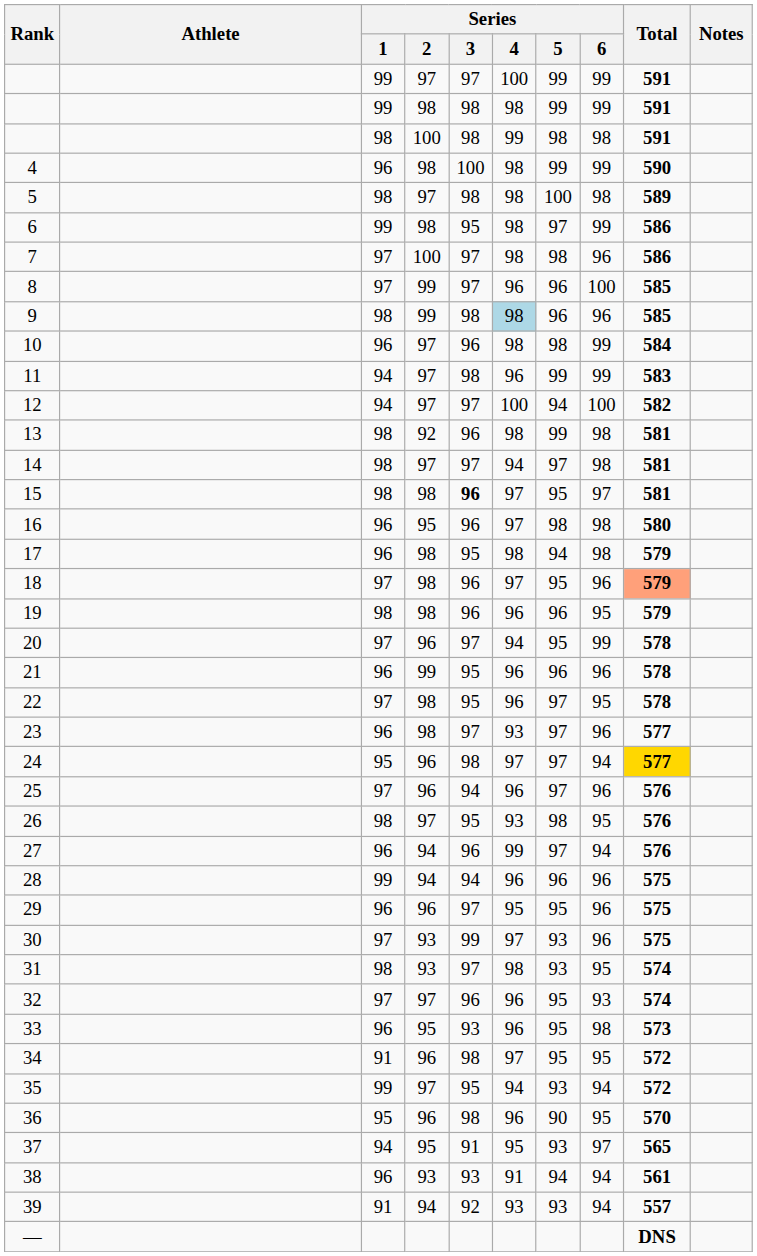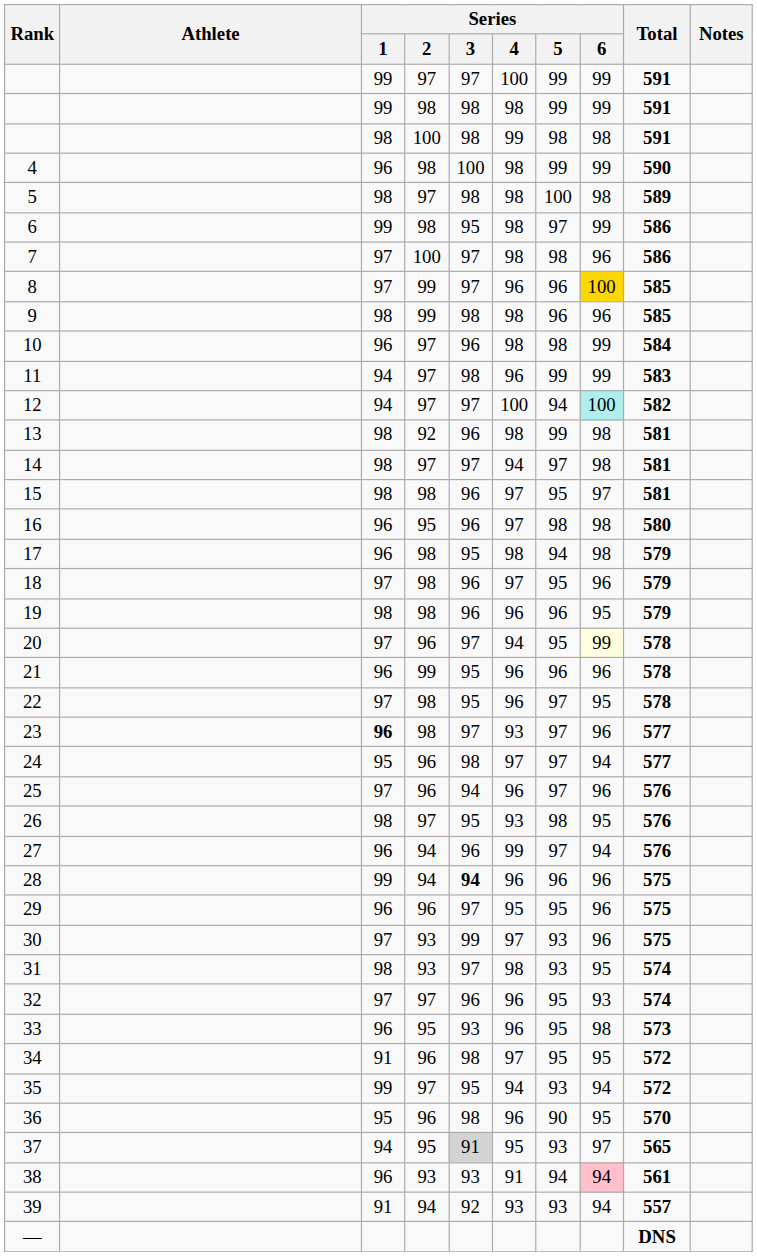 <table class="wikitable" style="text-align:center">
 <tr>
 <th rowspan=2 width=40>Rank</th>
 <th rowspan=2 width=250>Athlete</th>
 <th colspan=6>Series</th>
 <th rowspan=2 width=50>Total</th>
 <th rowspan=2 width=45>Notes</th>
 </tr>
 <tr>
 <th width=30>1</th>
 <th width=30>2</th>
 <th width=30>3</th>
 <th width=30>4</th>
 <th width=30>5</th>
 <th width=30>6</th>
 </tr>
 <tr>
 <td></td>
 <td align=left></td>
 <td>99</td>
 <td>97</td>
 <td>97</td>
 <td>100</td>
 <td>99</td>
 <td>99</td>
 <td><strong>591</strong></td>
 <td></td>
 </tr>
 <tr>
 <td></td>
 <td align=left></td>
 <td>99</td>
 <td>98</td>
 <td>98</td>
 <td>98</td>
 <td>99</td>
 <td>99</td>
 <td><strong>591</strong></td>
 <td></td>
 </tr>
 <tr>
 <td></td>
 <td align=left></td>
 <td>98</td>
 <td>100</td>
 <td>98</td>
 <td>99</td>
 <td>98</td>
 <td>98</td>
 <td><strong>591</strong></td>
 <td></td>
 </tr>
 <tr>
 <td>4</td>
 <td align=left></td>
 <td>96</td>
 <td>98</td>
 <td>100</td>
 <td>98</td>
 <td>99</td>
 <td>99</td>
 <td><strong>590</strong></td>
 <td></td>
 </tr>
 <tr>
 <td>5</td>
 <td align=left></td>
 <td>98</td>
 <td>97</td>
 <td>98</td>
 <td>98</td>
 <td>100</td>
 <td>98</td>
 <td><strong>589</strong></td>
 <td></td>
 </tr>
 <tr>
 <td>6</td>
 <td align=left></td>
 <td>99</td>
 <td>98</td>
 <td>95</td>
 <td>98</td>
 <td>97</td>
 <td>99</td>
 <td><strong>586</strong></td>
 <td></td>
 </tr>
 <tr>
 <td>7</td>
 <td align=left></td>
 <td>97</td>
 <td>100</td>
 <td>97</td>
 <td>98</td>
 <td>98</td>
 <td>96</td>
 <td><strong>586</strong></td>
 <td></td>
 </tr>
 <tr>
 <td>8</td>
 <td align=left></td>
 <td>97</td>
 <td>99</td>
 <td>97</td>
 <td>96</td>
 <td>96</td>
-<td>100</td>
+<td style="background: gold;">100</td>
 <td><strong>585</strong></td>
 <td></td>
 </tr>
 <tr>
 <td>9</td>
 <td align=left></td>
 <td>98</td>
 <td>99</td>
 <td>98</td>
-<td style="background: lightblue;">98</td>
+<td>98</td>
 <td>96</td>
 <td>96</td>
 <td><strong>585</strong></td>
 <td></td>
 </tr>
 <tr>
 <td>10</td>
 <td align=left></td>
 <td>96</td>
 <td>97</td>
 <td>96</td>
 <td>98</td>
 <td>98</td>
 <td>99</td>
 <td><strong>584</strong></td>
 <td></td>
 </tr>
 <tr>
 <td>11</td>
 <td align=left></td>
 <td>94</td>
 <td>97</td>
 <td>98</td>
 <td>96</td>
 <td>99</td>
 <td>99</td>
 <td><strong>583</strong></td>
 <td></td>
 </tr>
 <tr>
 <td>12</td>
 <td align=left></td>
 <td>94</td>
 <td>97</td>
 <td>97</td>
 <td>100</td>
 <td>94</td>
-<td>100</td>
+<td style="background: paleturquoise;">100</td>
 <td><strong>582</strong></td>
 <td></td>
 </tr>
 <tr>
 <td>13</td>
 <td align=left></td>
 <td>98</td>
 <td>92</td>
 <td>96</td>
 <td>98</td>
 <td>99</td>
 <td>98</td>
 <td><strong>581</strong></td>
 <td></td>
 </tr>
 <tr>
 <td>14</td>
 <td align=left></td>
 <td>98</td>
 <td>97</td>
 <td>97</td>
 <td>94</td>
 <td>97</td>
 <td>98</td>
 <td><strong>581</strong></td>
 <td></td>
 </tr>
 <tr>
 <td>15</td>
 <td align=left></td>
 <td>98</td>
 <td>98</td>
-<td><strong>96</strong></td>
+<td>96</td>
 <td>97</td>
 <td>95</td>
 <td>97</td>
 <td><strong>581</strong></td>
 <td></td>
 </tr>
 <tr>
 <td>16</td>
 <td align=left></td>
 <td>96</td>
 <td>95</td>
 <td>96</td>
 <td>97</td>
 <td>98</td>
 <td>98</td>
 <td><strong>580</strong></td>
 <td></td>
 </tr>
 <tr>
 <td>17</td>
 <td align=left></td>
 <td>96</td>
 <td>98</td>
 <td>95</td>
 <td>98</td>
 <td>94</td>
 <td>98</td>
 <td><strong>579</strong></td>
 <td></td>
 </tr>
 <tr>
 <td>18</td>
 <td align=left></td>
 <td>97</td>
 <td>98</td>
 <td>96</td>
 <td>97</td>
 <td>95</td>
 <td>96</td>
-<td style="background: lightsalmon;"><strong>579</strong></td>
+<td><strong>579</strong></td>
 <td></td>
 </tr>
 <tr>
 <td>19</td>
 <td align=left></td>
 <td>98</td>
 <td>98</td>
 <td>96</td>
 <td>96</td>
 <td>96</td>
 <td>95</td>
 <td><strong>579</strong></td>
 <td></td>
 </tr>
 <tr>
 <td>20</td>
 <td align=left></td>
 <td>97</td>
 <td>96</td>
 <td>97</td>
 <td>94</td>
 <td>95</td>
-<td>99</td>
+<td style="background: lightyellow;">99</td>
 <td><strong>578</strong></td>
 <td></td>
 </tr>
 <tr>
 <td>21</td>
 <td align=left></td>
 <td>96</td>
 <td>99</td>
 <td>95</td>
 <td>96</td>
 <td>96</td>
 <td>96</td>
 <td><strong>578</strong></td>
 <td></td>
 </tr>
 <tr>
 <td>22</td>
 <td align=left></td>
 <td>97</td>
 <td>98</td>
 <td>95</td>
 <td>96</td>
 <td>97</td>
 <td>95</td>
 <td><strong>578</strong></td>
 <td></td>
 </tr>
 <tr>
 <td>23</td>
 <td align=left></td>
-<td>96</td>
+<td><strong>96</strong></td>
 <td>98</td>
 <td>97</td>
 <td>93</td>
 <td>97</td>
 <td>96</td>
 <td><strong>577</strong></td>
 <td></td>
 </tr>
 <tr>
 <td>24</td>
 <td align=left></td>
 <td>95</td>
 <td>96</td>
 <td>98</td>
 <td>97</td>
 <td>97</td>
 <td>94</td>
-<td style="background: gold;"><strong>577</strong></td>
+<td><strong>577</strong></td>
 <td></td>
 </tr>
 <tr>
 <td>25</td>
 <td align=left></td>
 <td>97</td>
 <td>96</td>
 <td>94</td>
 <td>96</td>
 <td>97</td>
 <td>96</td>
 <td><strong>576</strong></td>
 <td></td>
 </tr>
 <tr>
 <td>26</td>
 <td align=left></td>
 <td>98</td>
 <td>97</td>
 <td>95</td>
 <td>93</td>
 <td>98</td>
 <td>95</td>
 <td><strong>576</strong></td>
 <td></td>
 </tr>
 <tr>
 <td>27</td>
 <td align=left></td>
 <td>96</td>
 <td>94</td>
 <td>96</td>
 <td>99</td>
 <td>97</td>
 <td>94</td>
 <td><strong>576</strong></td>
 <td></td>
 </tr>
 <tr>
 <td>28</td>
 <td align=left></td>
 <td>99</td>
 <td>94</td>
-<td>94</td>
+<td><strong>94</strong></td>
 <td>96</td>
 <td>96</td>
 <td>96</td>
 <td><strong>575</strong></td>
 <td></td>
 </tr>
 <tr>
 <td>29</td>
 <td align=left></td>
 <td>96</td>
 <td>96</td>
 <td>97</td>
 <td>95</td>
 <td>95</td>
 <td>96</td>
 <td><strong>575</strong></td>
 <td></td>
 </tr>
 <tr>
 <td>30</td>
 <td align=left></td>
 <td>97</td>
 <td>93</td>
 <td>99</td>
 <td>97</td>
 <td>93</td>
 <td>96</td>
 <td><strong>575</strong></td>
 <td></td>
 </tr>
 <tr>
 <td>31</td>
 <td align=left></td>
 <td>98</td>
 <td>93</td>
 <td>97</td>
 <td>98</td>
 <td>93</td>
 <td>95</td>
 <td><strong>574</strong></td>
 <td></td>
 </tr>
 <tr>
 <td>32</td>
 <td align=left></td>
 <td>97</td>
 <td>97</td>
 <td>96</td>
 <td>96</td>
 <td>95</td>
 <td>93</td>
 <td><strong>574</strong></td>
 <td></td>
 </tr>
 <tr>
 <td>33</td>
 <td align=left></td>
 <td>96</td>
 <td>95</td>
 <td>93</td>
 <td>96</td>
 <td>95</td>
 <td>98</td>
 <td><strong>573</strong></td>
 <td></td>
 </tr>
 <tr>
 <td>34</td>
 <td align=left></td>
 <td>91</td>
 <td>96</td>
 <td>98</td>
 <td>97</td>
 <td>95</td>
 <td>95</td>
 <td><strong>572</strong></td>
 <td></td>
 </tr>
 <tr>
 <td>35</td>
 <td align=left></td>
 <td>99</td>
 <td>97</td>
 <td>95</td>
 <td>94</td>
 <td>93</td>
 <td>94</td>
 <td><strong>572</strong></td>
 <td></td>
 </tr>
 <tr>
 <td>36</td>
 <td align=left></td>
 <td>95</td>
 <td>96</td>
 <td>98</td>
 <td>96</td>
 <td>90</td>
 <td>95</td>
 <td><strong>570</strong></td>
 <td></td>
 </tr>
 <tr>
 <td>37</td>
 <td align=left></td>
 <td>94</td>
 <td>95</td>
-<td>91</td>
+<td style="background: lightgrey;">91</td>
 <td>95</td>
 <td>93</td>
 <td>97</td>
 <td><strong>565</strong></td>
 <td></td>
 </tr>
 <tr>
 <td>38</td>
 <td align=left></td>
 <td>96</td>
 <td>93</td>
 <td>93</td>
 <td>91</td>
 <td>94</td>
-<td>94</td>
+<td style="background: pink;">94</td>
 <td><strong>561</strong></td>
 <td></td>
 </tr>
 <tr>
 <td>39</td>
 <td align=left></td>
 <td>91</td>
 <td>94</td>
 <td>92</td>
 <td>93</td>
 <td>93</td>
 <td>94</td>
 <td><strong>557</strong></td>
 <td></td>
 </tr>
 <tr>
 <td>—</td>
 <td align=left></td>
 <td></td>
 <td></td>
 <td></td>
 <td></td>
 <td></td>
 <td></td>
 <td><strong>DNS</strong></td>
 <td></td>
 </tr>
 </table>
